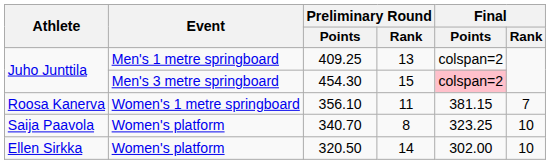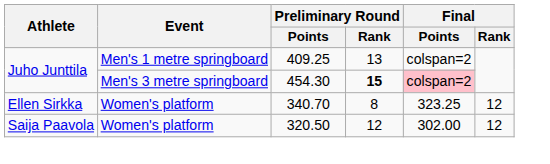 <table class=wikitable style="font-size:90%">
 <tr>
 <th rowspan="2">Athlete</th>
 <th rowspan="2">Event</th>
 <th colspan="2">Preliminary Round</th>
 <th colspan="2">Final</th>
 </tr>
 <tr style="font-size:95%">
 <th>Points</th>
 <th>Rank</th>
 <th>Points</th>
 <th>Rank</th>
 </tr>
 <tr align=center>
 <td align=left rowspan=2><a href='#'>Juho Junttila</a></td>
 <td align=left><a href='#'>Men's 1 metre springboard</a></td>
 <td>409.25</td>
 <td>13 </td>
 <td>colspan=2 </td>
 </tr>
 <tr align=center>
 <td align=left><a href='#'>Men's 3 metre springboard</a></td>
 <td>454.30</td>
-<td>15</td>
+<td><strong>15</strong></td>
 <td style="background: pink;">colspan=2 </td>
 </tr>
 <tr align=center>
-<td align=left><a href='#'>Roosa Kanerva</a></td>
-<td align=left><a href='#'>Women's 1 metre springboard</a></td>
-<td>356.10</td>
-<td>11 </td>
-<td>381.15</td>
-<td>7</td>
+<td align=left><a href='#'>Ellen Sirkka</a></td>
+<td align=left><a href='#'>Women's platform</a></td>
+<td>340.70</td>
+<td>8 </td>
+<td>323.25</td>
+<td>12</td>
 </tr>
 <tr align=center>
 <td align=left><a href='#'>Saija Paavola</a></td>
 <td align=left><a href='#'>Women's platform</a></td>
-<td>340.70</td>
-<td>8 </td>
-<td>323.25</td>
-<td>10</td>
-</tr>
-<tr align=center>
-<td align=left><a href='#'>Ellen Sirkka</a></td>
-<td align=left><a href='#'>Women's platform</a></td>
 <td>320.50</td>
-<td>14 </td>
+<td>12 </td>
 <td>302.00</td>
-<td>10</td>
+<td>12</td>
 </tr>
 </table>
